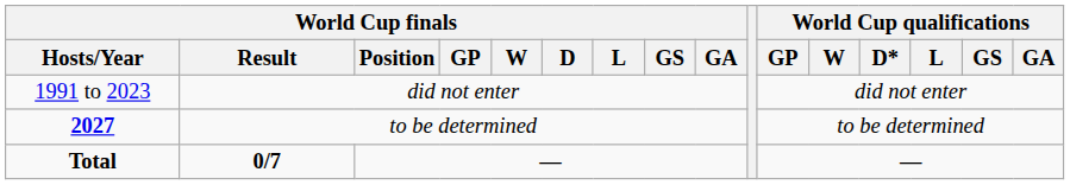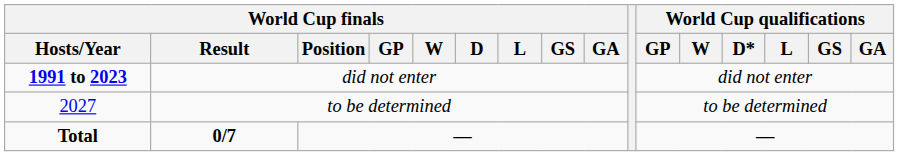 <table class="wikitable" style="text-align: center;">
 <tr>
 <th colspan=9>World Cup finals</th>
 <th style="width:1% ; " rowspan="16"></th>
 <th colspan=6>World Cup qualifications</th>
 </tr>
 <tr>
 <th width=120px>Hosts/Year</th>
 <th width=120px>Result</th>
 <th width=40px>Position</th>
 <th width=30px>GP</th>
 <th width=30px>W</th>
 <th width=30px>D</th>
 <th width=30px>L</th>
 <th width=30px>GS</th>
 <th width=30px>GA</th>
 <th width=30px>GP</th>
 <th width=30px>W</th>
 <th width=30px>D*</th>
 <th width=30px>L</th>
 <th width=30px>GS</th>
 <th width=30px>GA</th>
 </tr>
 <tr>
-<td><a href='#'>1991</a> to <a href='#'>2023</a></td>
+<td><strong><a href='#'>1991</a> to <a href='#'>2023</a></strong></td>
 <td colspan=8 rowspan=1><em>did not enter</em></td>
 <td colspan=6><em>did not enter</em></td>
 </tr>
 <tr>
-<td><strong> <a href='#'>2027</a></strong></td>
+<td> <a href='#'>2027</a></td>
 <td colspan=8><em>to be determined</em></td>
 <td colspan=6><em>to be determined</em></td>
 </tr>
 <tr>
 <td><strong>Total</strong></td>
 <td><strong>0/7</strong></td>
 <td colspan=7 rowspan=1><strong>—</strong></td>
 <td colspan=6 rowspan=1><strong>—</strong></td>
 </tr>
 </table>
